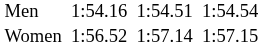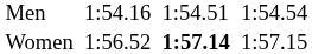 <table>
 <tr>
 <td>Men</td>
 <td></td>
 <td>1:54.16</td>
 <td></td>
 <td>1:54.51</td>
 <td></td>
 <td>1:54.54</td>
 </tr>
 <tr>
 <td>Women</td>
 <td></td>
 <td>1:56.52</td>
 <td></td>
-<td>1:57.14</td>
+<td><strong>1:57.14</strong></td>
 <td></td>
 <td>1:57.15</td>
 </tr>
 </table>
